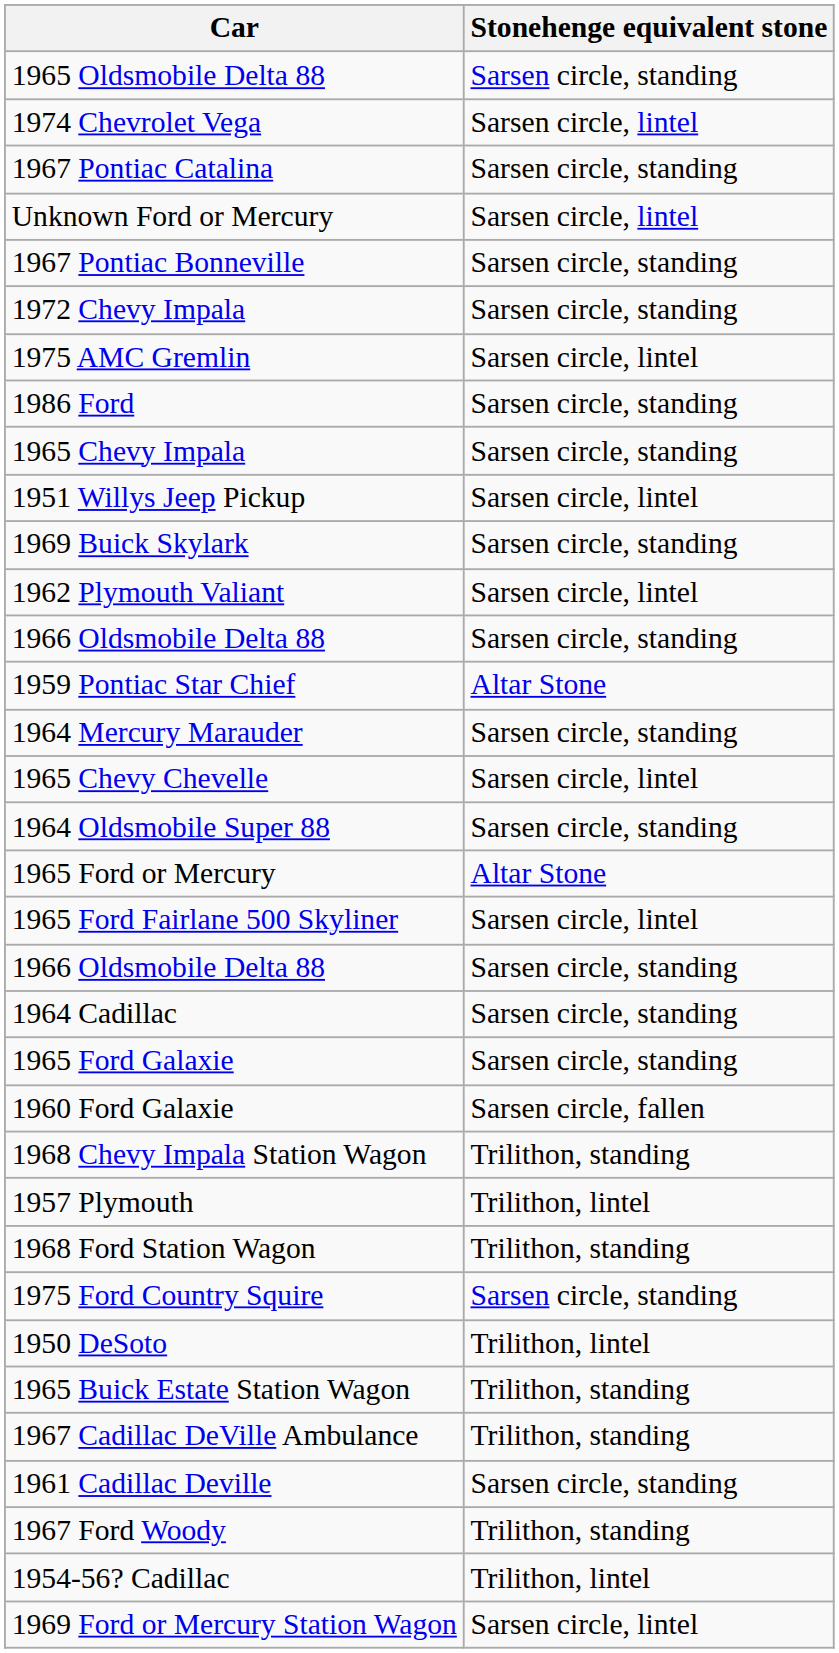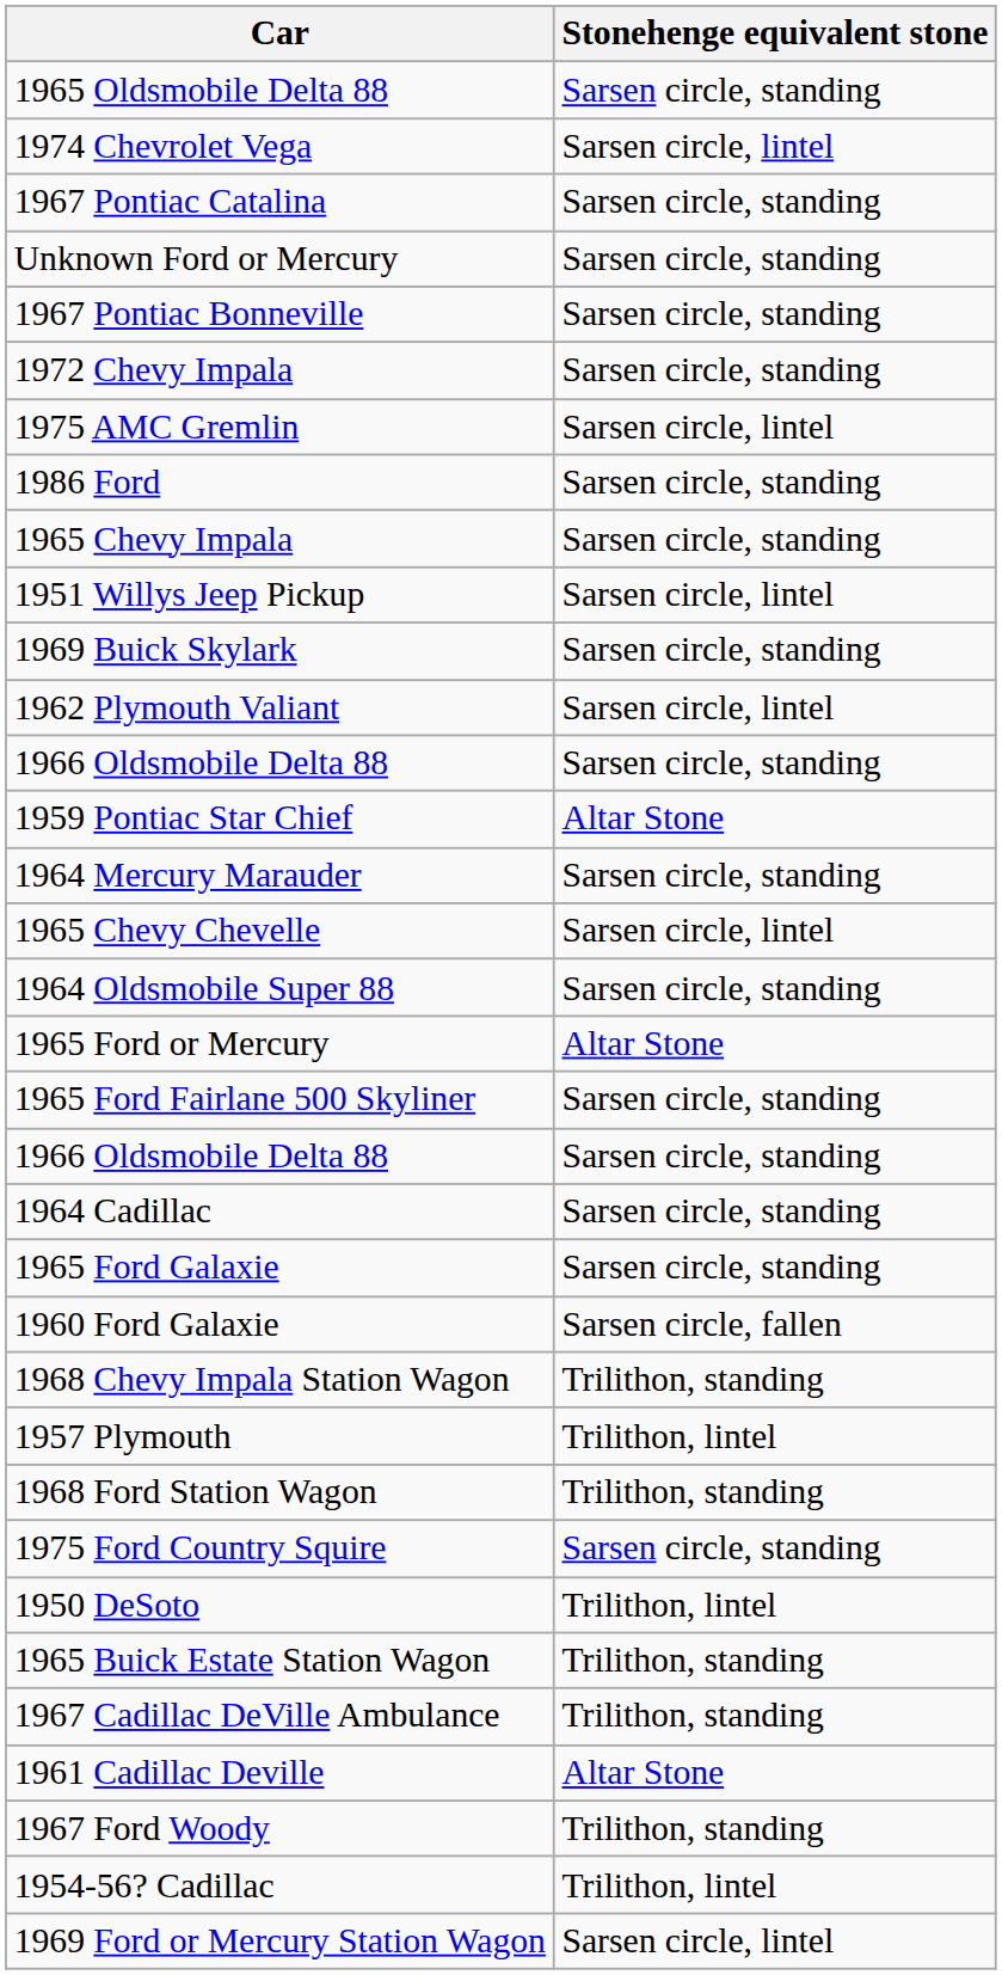 <table class="wikitable">
 <tr>
 <th>Car</th>
 <th>Stonehenge equivalent stone</th>
 </tr>
 <tr>
 <td>1965 <a href='#'>Oldsmobile Delta 88</a></td>
 <td><a href='#'>Sarsen</a> circle, standing</td>
 </tr>
 <tr>
 <td>1974 <a href='#'>Chevrolet Vega</a></td>
 <td>Sarsen circle, <a href='#'>lintel</a></td>
 </tr>
 <tr>
 <td>1967 <a href='#'>Pontiac Catalina</a></td>
 <td>Sarsen circle, standing</td>
 </tr>
 <tr>
 <td>Unknown Ford or Mercury</td>
-<td>Sarsen circle, <a href='#'>lintel</a></td>
+<td>Sarsen circle, standing</td>
 </tr>
 <tr>
 <td>1967 <a href='#'>Pontiac Bonneville</a></td>
 <td>Sarsen circle, standing</td>
 </tr>
 <tr>
 <td>1972 <a href='#'>Chevy Impala</a></td>
 <td>Sarsen circle, standing</td>
 </tr>
 <tr>
 <td>1975 <a href='#'>AMC Gremlin</a></td>
 <td>Sarsen circle, lintel</td>
 </tr>
 <tr>
 <td>1986 <a href='#'>Ford</a></td>
 <td>Sarsen circle, standing</td>
 </tr>
 <tr>
 <td>1965 <a href='#'>Chevy Impala</a></td>
 <td>Sarsen circle, standing</td>
 </tr>
 <tr>
 <td>1951 <a href='#'>Willys Jeep</a> Pickup</td>
 <td>Sarsen circle, lintel</td>
 </tr>
 <tr>
 <td>1969 <a href='#'>Buick Skylark</a></td>
 <td>Sarsen circle, standing</td>
 </tr>
 <tr>
 <td>1962 <a href='#'>Plymouth Valiant</a></td>
 <td>Sarsen circle, lintel</td>
 </tr>
 <tr>
 <td>1966 <a href='#'>Oldsmobile Delta 88</a></td>
 <td>Sarsen circle, standing</td>
 </tr>
 <tr>
 <td>1959 <a href='#'>Pontiac Star Chief</a></td>
 <td><a href='#'>Altar Stone</a></td>
 </tr>
 <tr>
 <td>1964 <a href='#'>Mercury Marauder</a></td>
 <td>Sarsen circle, standing</td>
 </tr>
 <tr>
 <td>1965 <a href='#'>Chevy Chevelle</a></td>
 <td>Sarsen circle, lintel</td>
 </tr>
 <tr>
 <td>1964 <a href='#'>Oldsmobile Super 88</a></td>
 <td>Sarsen circle, standing</td>
 </tr>
 <tr>
 <td>1965 Ford or Mercury</td>
 <td><a href='#'>Altar Stone</a></td>
 </tr>
 <tr>
 <td>1965 <a href='#'>Ford Fairlane 500 Skyliner</a></td>
-<td>Sarsen circle, lintel</td>
+<td>Sarsen circle, standing</td>
 </tr>
 <tr>
 <td>1966 <a href='#'>Oldsmobile Delta 88</a></td>
 <td>Sarsen circle, standing</td>
 </tr>
 <tr>
 <td>1964 Cadillac</td>
 <td>Sarsen circle, standing</td>
 </tr>
 <tr>
 <td>1965 <a href='#'>Ford Galaxie</a></td>
 <td>Sarsen circle, standing</td>
 </tr>
 <tr>
 <td>1960 Ford Galaxie</td>
 <td>Sarsen circle, fallen</td>
 </tr>
 <tr>
 <td>1968 <a href='#'>Chevy Impala</a> Station Wagon</td>
 <td>Trilithon, standing</td>
 </tr>
 <tr>
 <td>1957 Plymouth</td>
 <td>Trilithon, lintel</td>
 </tr>
 <tr>
 <td>1968 Ford Station Wagon</td>
 <td>Trilithon, standing</td>
 </tr>
 <tr>
 <td>1975 <a href='#'>Ford Country Squire</a></td>
 <td><a href='#'>Sarsen</a> circle, standing</td>
 </tr>
 <tr>
 <td>1950 <a href='#'>DeSoto</a></td>
 <td>Trilithon, lintel</td>
 </tr>
 <tr>
 <td>1965 <a href='#'>Buick Estate</a> Station Wagon</td>
 <td>Trilithon, standing</td>
 </tr>
 <tr>
 <td>1967 <a href='#'>Cadillac DeVille</a> Ambulance</td>
 <td>Trilithon, standing</td>
 </tr>
 <tr>
 <td>1961 <a href='#'>Cadillac Deville</a></td>
-<td>Sarsen circle, standing</td>
+<td><a href='#'>Altar Stone</a></td>
 </tr>
 <tr>
 <td>1967 Ford <a href='#'>Woody</a></td>
 <td>Trilithon, standing</td>
 </tr>
 <tr>
 <td>1954-56? Cadillac</td>
 <td>Trilithon, lintel</td>
 </tr>
 <tr>
 <td>1969 <a href='#'>Ford or Mercury Station Wagon</a></td>
 <td>Sarsen circle, lintel</td>
 </tr>
 </table>
